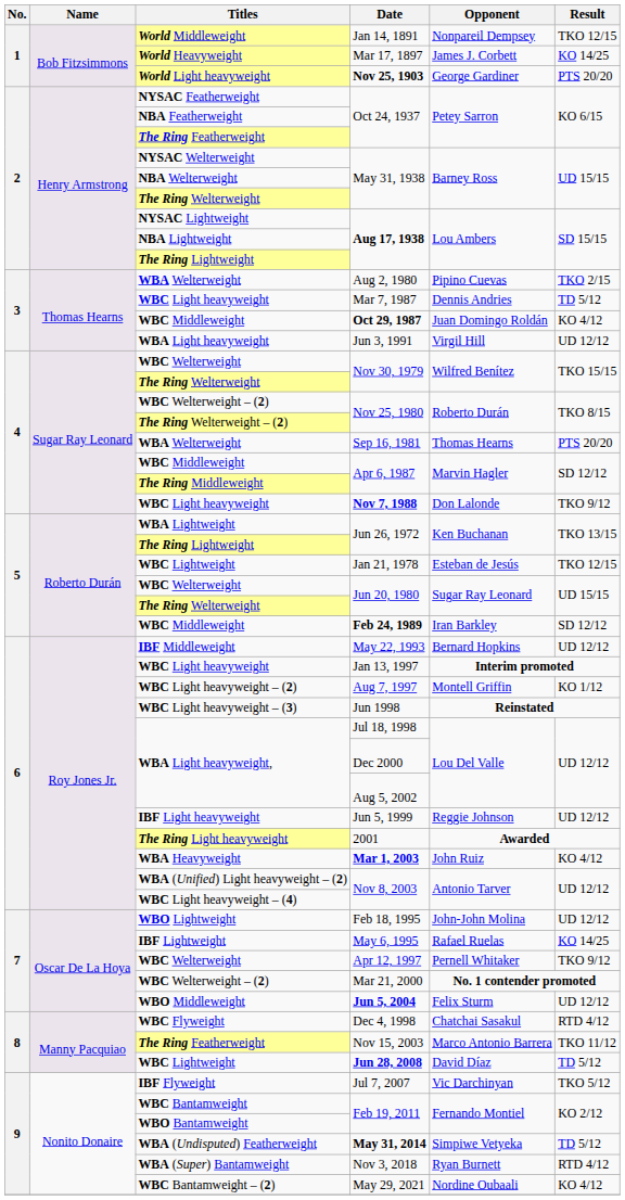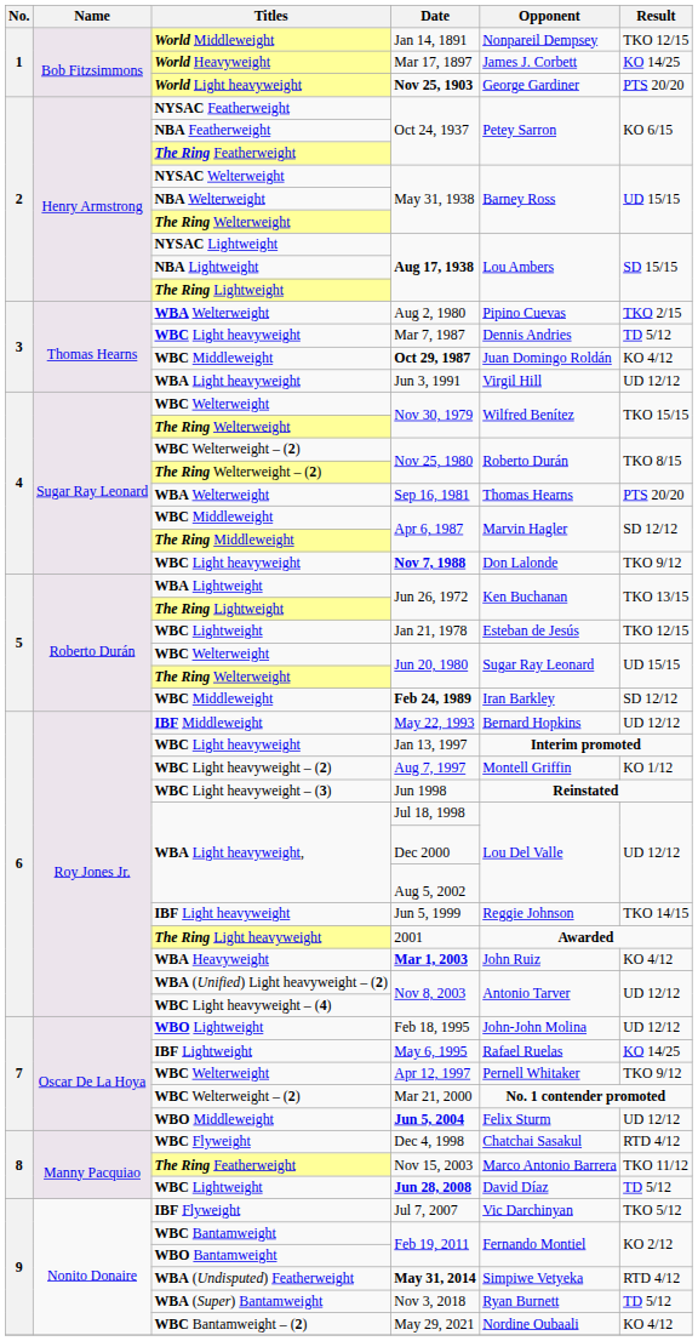 <table class="wikitable">
 <tr>
 <th scope="col">No.</th>
 <th scope="col">Name</th>
 <th scope="col">Titles</th>
 <th scope="col">Date</th>
 <th scope="col">Opponent</th>
 <th scope="col">Result</th>
 </tr>
 <tr>
 <th scope="row" rowspan="3">1</th>
 <td scope="row" rowspan="3" style="background: #ece4ec; text-align:center;"><br> <a href='#'>Bob Fitzsimmons</a></td>
 <td style="background:#ff9;"><strong><em>World</em></strong> <a href='#'>Middleweight</a></td>
 <td>Jan 14, 1891</td>
 <td><a href='#'>Nonpareil Dempsey</a></td>
 <td>TKO 12/15</td>
 </tr>
 <tr>
 <td style="background:#ff9;"><strong><em>World</em></strong> <a href='#'>Heavyweight</a></td>
 <td>Mar 17, 1897</td>
 <td><a href='#'>James J. Corbett</a></td>
 <td><a href='#'>KO</a> 14/25</td>
 </tr>
 <tr>
 <td style="background:#ff9;"><strong><em>World</em></strong> <a href='#'>Light heavyweight</a></td>
 <td><strong>Nov 25, 1903</strong></td>
 <td><a href='#'>George Gardiner</a></td>
 <td><a href='#'>PTS</a> 20/20</td>
 </tr>
 <tr>
 <th scope="row" rowspan="9">2</th>
 <td scope="row" rowspan="9" style="background: #ece4ec; text-align:center;"><br> <a href='#'>Henry Armstrong</a></td>
 <td><strong>NYSAC</strong> <a href='#'>Featherweight</a></td>
 <td rowspan="3">Oct 24, 1937</td>
 <td rowspan="3"><a href='#'>Petey Sarron</a></td>
 <td rowspan="3">KO 6/15</td>
 </tr>
 <tr>
 <td><strong>NBA</strong> <a href='#'>Featherweight</a></td>
 </tr>
 <tr>
 <td style="background:#ff9;"><strong><em><a href='#'>The Ring</a></em></strong> <a href='#'>Featherweight</a></td>
 </tr>
 <tr>
 <td><strong>NYSAC</strong> <a href='#'>Welterweight</a></td>
 <td rowspan="3">May 31, 1938</td>
 <td rowspan="3"><a href='#'>Barney Ross</a></td>
 <td rowspan="3"><a href='#'>UD</a> 15/15</td>
 </tr>
 <tr>
 <td><strong>NBA</strong> <a href='#'>Welterweight</a></td>
 </tr>
 <tr>
 <td style="background:#ff9;"><strong><em>The Ring</em></strong> <a href='#'>Welterweight</a></td>
 </tr>
 <tr>
 <td><strong>NYSAC</strong> <a href='#'>Lightweight</a></td>
 <td rowspan="3"><strong>Aug 17, 1938</strong></td>
 <td rowspan="3"><a href='#'>Lou Ambers</a></td>
 <td rowspan="3"><a href='#'>SD</a> 15/15</td>
 </tr>
 <tr>
 <td><strong>NBA</strong> <a href='#'>Lightweight</a></td>
 </tr>
 <tr>
 <td style="background:#ff9;"><strong><em>The Ring</em></strong> <a href='#'>Lightweight</a></td>
 </tr>
 <tr>
 <th scope="row" rowspan="4">3</th>
 <td scope="row" rowspan="4" style="background: #ece4ec; text-align:center;"><br> <a href='#'>Thomas Hearns</a></td>
 <td><strong><a href='#'>WBA</a></strong> <a href='#'>Welterweight</a></td>
 <td>Aug 2, 1980</td>
 <td><a href='#'>Pipino Cuevas</a></td>
 <td><a href='#'>TKO</a> 2/15</td>
 </tr>
 <tr>
 <td><strong><a href='#'>WBC</a></strong> <a href='#'>Light heavyweight</a></td>
 <td>Mar 7, 1987</td>
 <td><a href='#'>Dennis Andries</a></td>
 <td><a href='#'>TD</a> 5/12</td>
 </tr>
 <tr>
 <td><strong>WBC</strong> <a href='#'>Middleweight</a></td>
 <td><strong>Oct 29, 1987</strong></td>
 <td><a href='#'>Juan Domingo Roldán</a></td>
 <td>KO 4/12</td>
 </tr>
 <tr>
 <td><strong>WBA</strong> <a href='#'>Light heavyweight</a></td>
 <td>Jun 3, 1991</td>
 <td><a href='#'>Virgil Hill</a></td>
 <td>UD 12/12</td>
 </tr>
 <tr>
 <th scope="row" rowspan=8>4</th>
 <td scope="row" rowspan=8 style="background: #ece4ec; text-align:center;"><br> <a href='#'>Sugar Ray Leonard</a></td>
 <td><strong>WBC</strong> <a href='#'>Welterweight</a></td>
 <td rowspan="2"><a href='#'>Nov 30, 1979</a></td>
 <td rowspan="2"><a href='#'>Wilfred Benítez</a></td>
 <td rowspan="2">TKO 15/15</td>
 </tr>
 <tr>
 <td style="background:#ff9;"><strong><em>The Ring</em></strong> <a href='#'>Welterweight</a></td>
 </tr>
 <tr>
 <td><strong>WBC</strong> Welterweight  – (<strong>2</strong>)</td>
 <td rowspan="2"><a href='#'>Nov 25, 1980</a></td>
 <td rowspan="2"><a href='#'>Roberto Durán</a></td>
 <td rowspan="2">TKO 8/15</td>
 </tr>
 <tr>
 <td style="background:#ff9;"><strong><em>The Ring</em></strong> Welterweight  – (<strong>2</strong>)</td>
 </tr>
 <tr>
 <td><strong>WBA</strong> <a href='#'>Welterweight</a></td>
 <td><a href='#'>Sep 16, 1981</a></td>
 <td><a href='#'>Thomas Hearns</a></td>
 <td><a href='#'>PTS</a> 20/20</td>
 </tr>
 <tr>
 <td><strong>WBC</strong> <a href='#'>Middleweight</a></td>
 <td rowspan="2"><a href='#'>Apr 6, 1987</a></td>
 <td rowspan="2"><a href='#'>Marvin Hagler</a></td>
 <td rowspan="2">SD 12/12</td>
 </tr>
 <tr>
 <td style="background:#ff9;"><strong><em>The Ring</em></strong> <a href='#'>Middleweight</a></td>
 </tr>
 <tr>
 <td><strong>WBC</strong> <a href='#'>Light heavyweight</a></td>
 <td><strong><a href='#'>Nov 7, 1988</a></strong></td>
 <td><a href='#'>Don Lalonde</a></td>
 <td>TKO 9/12</td>
 </tr>
 <tr>
 <th scope="row" rowspan="6">5</th>
 <td scope="row" rowspan="6" style="background: #ece4ec; text-align:center;"><br> <a href='#'>Roberto Durán</a></td>
 <td><strong>WBA</strong> <a href='#'>Lightweight</a></td>
 <td rowspan="2">Jun 26, 1972</td>
 <td rowspan="2"><a href='#'>Ken Buchanan</a></td>
 <td rowspan="2">TKO 13/15</td>
 </tr>
 <tr>
 <td style="background:#ff9;"><strong><em>The Ring</em></strong> <a href='#'>Lightweight</a></td>
 </tr>
 <tr>
 <td><strong>WBC</strong> <a href='#'>Lightweight</a></td>
 <td>Jan 21, 1978</td>
 <td><a href='#'>Esteban de Jesús</a></td>
 <td>TKO 12/15</td>
 </tr>
 <tr>
 <td><strong>WBC</strong> <a href='#'>Welterweight</a></td>
 <td rowspan="2"><a href='#'>Jun 20, 1980</a></td>
 <td rowspan="2"><a href='#'>Sugar Ray Leonard</a></td>
 <td rowspan="2">UD 15/15</td>
 </tr>
 <tr>
 <td style="background:#ff9;"><strong><em>The Ring</em></strong> <a href='#'>Welterweight</a></td>
 </tr>
 <tr>
 <td><strong>WBC</strong> <a href='#'>Middleweight</a></td>
 <td><strong>Feb 24, 1989</strong></td>
 <td><a href='#'>Iran Barkley</a></td>
 <td>SD 12/12</td>
 </tr>
 <tr>
 <th scope="row" rowspan=12>6</th>
 <td scope="row" rowspan=12 style="text-align:center; background:#ece4ec;"><br> <a href='#'>Roy Jones Jr.</a></td>
 <td><strong><a href='#'>IBF</a></strong> <a href='#'>Middleweight</a></td>
 <td><a href='#'>May 22, 1993</a></td>
 <td><a href='#'>Bernard Hopkins</a></td>
 <td>UD 12/12</td>
 </tr>
 <tr>
 <td><strong>WBC</strong> <a href='#'>Light heavyweight</a></td>
 <td>Jan 13, 1997</td>
 <td align=center colspan=2><strong>Interim promoted</strong></td>
 </tr>
 <tr>
 <td><strong>WBC</strong> Light heavyweight  – (<strong>2</strong>)</td>
 <td><a href='#'>Aug 7, 1997</a></td>
 <td><a href='#'>Montell Griffin</a></td>
 <td>KO 1/12</td>
 </tr>
 <tr>
 <td><strong>WBC</strong> Light heavyweight  – (<strong>3</strong>)</td>
 <td>Jun 1998</td>
 <td align=center colspan=2><strong>Reinstated</strong></td>
 </tr>
 <tr>
 <td rowspan=3><strong>WBA</strong> <a href='#'>Light heavyweight</a>, </td>
 <td>Jul 18, 1998</td>
 <td rowspan=3><a href='#'>Lou Del Valle</a></td>
 <td rowspan=3>UD 12/12</td>
 </tr>
 <tr>
 <td><br>Dec 2000</td>
 </tr>
 <tr>
 <td><br>Aug 5, 2002</td>
 </tr>
 <tr>
 <td><strong>IBF</strong> <a href='#'>Light heavyweight</a></td>
 <td>Jun 5, 1999</td>
 <td><a href='#'>Reggie Johnson</a></td>
-<td>UD 12/12</td>
+<td>TKO 14/15</td>
 </tr>
 <tr>
 <td style="background:#ff9;"><strong><em>The Ring</em></strong> <a href='#'>Light heavyweight</a></td>
 <td>2001</td>
 <td colspan="2" align=center><strong>Awarded</strong></td>
 </tr>
 <tr>
 <td><strong>WBA</strong> <a href='#'>Heavyweight</a></td>
 <td><strong><a href='#'>Mar 1, 2003</a></strong></td>
 <td><a href='#'>John Ruiz</a></td>
 <td>KO 4/12</td>
 </tr>
 <tr>
 <td><strong>WBA</strong> (<em>Unified</em>) Light heavyweight  – (<strong>2</strong>)</td>
 <td rowspan=2><a href='#'>Nov 8, 2003</a></td>
 <td rowspan=2><a href='#'>Antonio Tarver</a></td>
 <td rowspan=2>UD 12/12</td>
 </tr>
 <tr>
 <td><strong>WBC</strong> Light heavyweight  – (<strong>4</strong>)</td>
 </tr>
 <tr>
 <th scope="row" rowspan="5">7</th>
 <td scope="row" rowspan="5" align="center" style="background:#ece4ec;"><br> <a href='#'>Oscar De La Hoya</a></td>
 <td><strong><a href='#'>WBO</a></strong> <a href='#'>Lightweight</a></td>
 <td>Feb 18, 1995</td>
 <td><a href='#'>John-John Molina</a></td>
 <td>UD 12/12</td>
 </tr>
 <tr>
 <td><strong>IBF</strong> <a href='#'>Lightweight</a></td>
 <td><a href='#'>May 6, 1995</a></td>
 <td><a href='#'>Rafael Ruelas</a></td>
 <td><a href='#'>KO</a> 14/25</td>
 </tr>
 <tr>
 <td><strong>WBC</strong> <a href='#'>Welterweight</a></td>
 <td><a href='#'>Apr 12, 1997</a></td>
 <td><a href='#'>Pernell Whitaker</a></td>
 <td>TKO 9/12</td>
 </tr>
 <tr>
 <td><strong>WBC</strong> Welterweight  – (<strong>2</strong>)</td>
 <td>Mar 21, 2000</td>
 <td align=center colspan=2><strong>No. 1 contender promoted</strong></td>
 </tr>
 <tr>
 <td><strong>WBO</strong> <a href='#'>Middleweight</a></td>
 <td><strong><a href='#'>Jun 5, 2004</a></strong></td>
 <td><a href='#'>Felix Sturm</a></td>
 <td>UD 12/12</td>
 </tr>
 <tr>
 <th scope="row" rowspan="3">8</th>
 <td scope="row" rowspan="3" align="center" style="background:#ece4ec;"><br> <a href='#'>Manny Pacquiao</a><br></td>
 <td><strong>WBC</strong> <a href='#'>Flyweight</a></td>
 <td>Dec 4, 1998</td>
 <td><a href='#'>Chatchai Sasakul</a></td>
 <td>RTD 4/12</td>
 </tr>
 <tr>
 <td bgcolor="#FFFF99"><strong><em>The Ring</em></strong> <a href='#'>Featherweight</a></td>
 <td>Nov 15, 2003</td>
 <td><a href='#'>Marco Antonio Barrera</a></td>
 <td>TKO 11/12</td>
 </tr>
 <tr>
 <td><strong>WBC</strong> <a href='#'>Lightweight</a></td>
 <td><a href='#'><strong>Jun 28, 2008</strong></a></td>
 <td><a href='#'>David Díaz</a></td>
 <td><a href='#'>TD</a> 5/12</td>
 </tr>
 <tr>
 <th scope="row" rowspan="6">9</th>
 <td scope="row" rowspan="6" style="text-align:center;"><br> <a href='#'>Nonito Donaire</a></td>
 <td><strong>IBF</strong> <a href='#'>Flyweight</a></td>
 <td>Jul 7, 2007</td>
 <td><a href='#'>Vic Darchinyan</a></td>
 <td>TKO 5/12</td>
 </tr>
 <tr>
 <td><strong>WBC</strong> <a href='#'>Bantamweight</a></td>
 <td rowspan="2"><a href='#'>Feb 19, 2011</a></td>
 <td rowspan="2"><a href='#'>Fernando Montiel</a></td>
 <td rowspan="2">KO 2/12</td>
 </tr>
 <tr>
 <td><strong>WBO</strong> <a href='#'>Bantamweight</a></td>
 </tr>
 <tr>
 <td><strong>WBA</strong> (<em>Undisputed</em>) <a href='#'>Featherweight</a></td>
 <td><strong>May 31, 2014</strong></td>
 <td><a href='#'>Simpiwe Vetyeka</a></td>
-<td><a href='#'>TD</a> 5/12</td>
+<td>RTD 4/12</td>
 </tr>
 <tr>
 <td><strong>WBA</strong> (<em>Super</em>) <a href='#'>Bantamweight</a></td>
 <td>Nov 3, 2018</td>
 <td><a href='#'>Ryan Burnett</a></td>
-<td>RTD 4/12</td>
+<td><a href='#'>TD</a> 5/12</td>
 </tr>
 <tr>
 <td><strong>WBC</strong> Bantamweight – (<strong>2</strong>)</td>
 <td>May 29, 2021</td>
 <td><a href='#'>Nordine Oubaali</a></td>
 <td>KO 4/12</td>
 </tr>
 <tr>
 </tr>
 </table>
